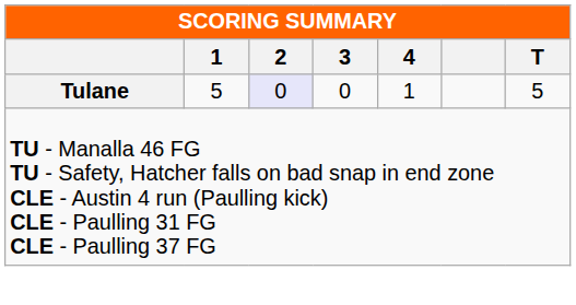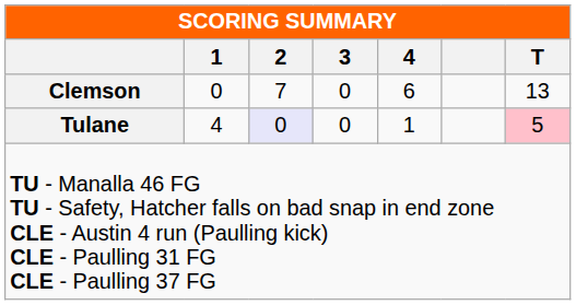 <table class="wikitable" style="text-align:center">
 <tr style="background:#FF6300; color:white">
 <td colspan="7" align="center"><strong>SCORING SUMMARY</strong></td>
 </tr>
 <tr>
 <th width="125"> </th>
 <th width="40">1</th>
 <th width="40">2</th>
 <th width="40">3</th>
 <th width="40">4</th>
 <th width="40"> </th>
 <th width="40">T</th>
 </tr>
 <tr>
+<th>Clemson</th>
+<td>0</td>
+<td>7</td>
+<td>0</td>
+<td>6</td>
+<td></td>
+<td>13</td>
+</tr>
+<tr>
 <th>Tulane</th>
-<td>5</td>
+<td>4</td>
 <td style="background: lavender;">0</td>
 <td>0</td>
 <td>1</td>
 <td></td>
-<td>5</td>
+<td style="background: pink;">5</td>
 </tr>
 <tr>
 <td colspan="7" align="left"><br><strong>TU</strong> - Manalla 46 FG<br> <strong>TU</strong> - Safety, Hatcher falls on bad snap in end zone<br> <strong>CLE</strong> - Austin 4 run (Paulling kick)<br> <strong>CLE</strong> - Paulling 31 FG<br> <strong>CLE</strong> - Paulling 37 FG</td>
 </tr>
 </table>
